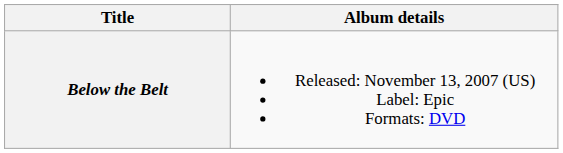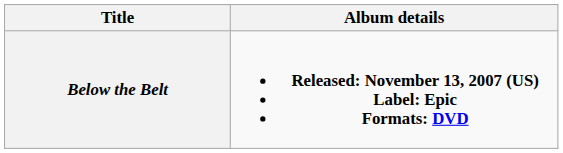 <table class="wikitable plainrowheaders" style="text-align:center;">
 <tr>
 <th scope="col" style="width:13em;">Title</th>
 <th scope="col" style="width:19em;">Album details</th>
 </tr>
 <tr>
 <th scope="row"><em>Below the Belt</em></th>
-<td><br><ul><li>Released: November 13, 2007 <span>(US)</span></li><li>Label: Epic</li><li>Formats: <a href='#'>DVD</a></li></ul></td>
+<td><strong><br><ul><li>Released: November 13, 2007 <span>(US)</span></li><li>Label: Epic</li><li>Formats: <a href='#'>DVD</a></li></ul></strong></td>
 </tr>
 </table>
